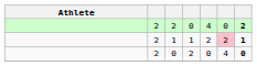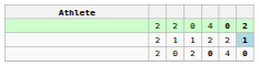 <table class=wikitable style="text-align:center">
 <tr>
 <th width=210>Athlete</th>
 <th width=20></th>
 <th width=20></th>
 <th width=20></th>
 <th width=20></th>
 <th width=20></th>
 <th width=20></th>
 </tr>
 <tr bgcolor=ccffcc>
 <td style="text-align:left"></td>
 <td>2</td>
 <td>2</td>
 <td>0</td>
 <td>4</td>
-<td>0</td>
+<td><strong>0</strong></td>
 <td><strong>2</strong></td>
 </tr>
 <tr>
 <td style="text-align:left"></td>
 <td>2</td>
 <td>1</td>
 <td>1</td>
 <td>2</td>
-<td style="background: pink;">2</td>
-<td><strong>1</strong></td>
+<td>2</td>
+<td style="background: lightblue;"><strong>1</strong></td>
 </tr>
 <tr>
 <td style="text-align:left"></td>
 <td>2</td>
 <td>0</td>
 <td>2</td>
-<td>0</td>
+<td><strong>0</strong></td>
 <td>4</td>
 <td><strong>0</strong></td>
 </tr>
 <tr>
 </tr>
 </table>
